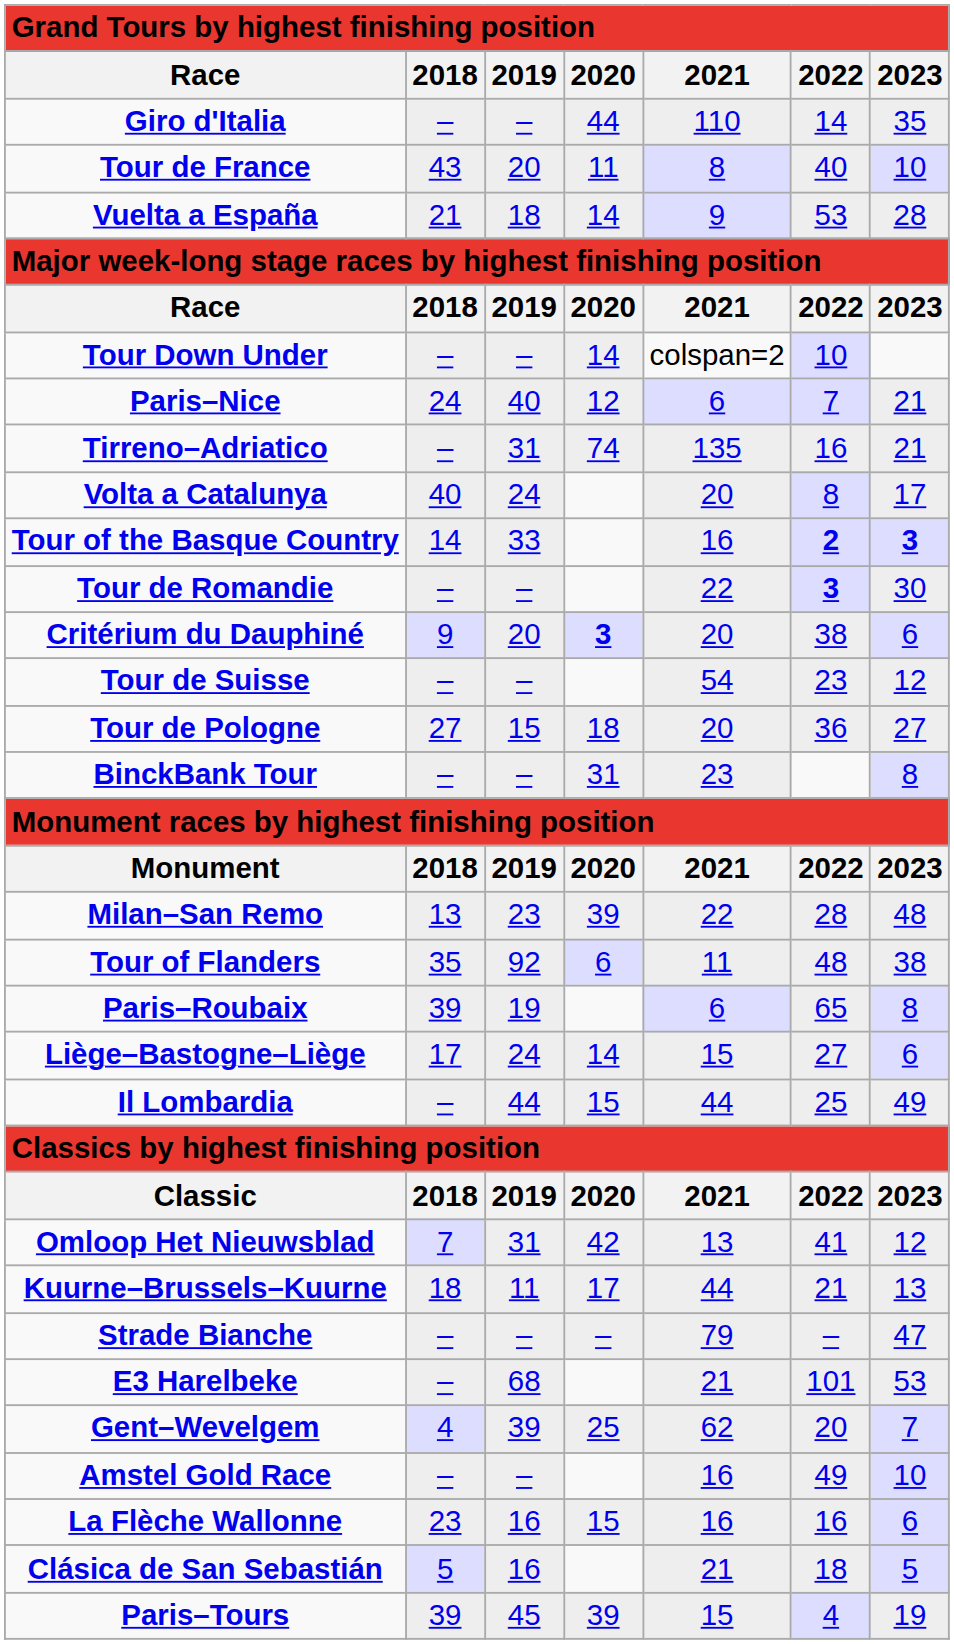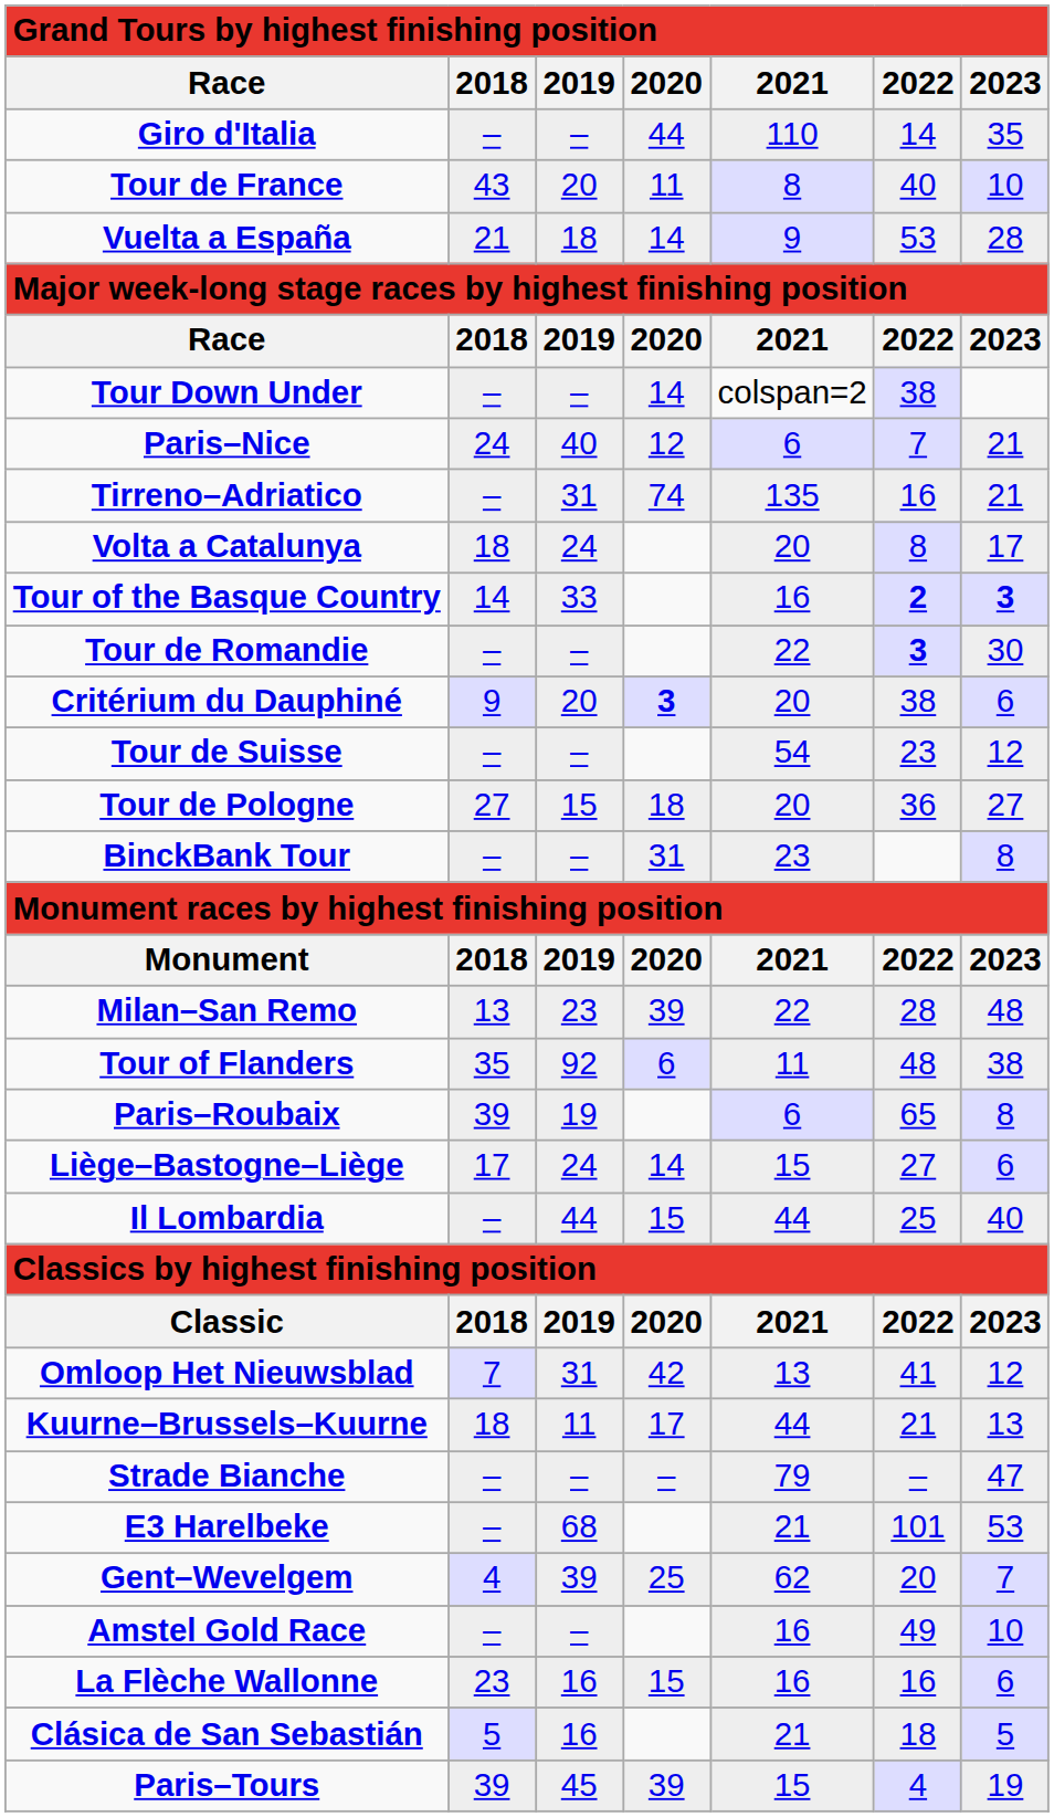 <table class="wikitable">
 <tr style="background:#eee;">
 <td style="background:#e9372f;" colspan=26><strong>Grand Tours by highest finishing position</strong></td>
 </tr>
 <tr>
 <th>Race</th>
 <th>2018</th>
 <th>2019</th>
 <th>2020</th>
 <th>2021</th>
 <th>2022</th>
 <th>2023</th>
 </tr>
 <tr align="center">
 <td><strong><a href='#'>Giro d'Italia</a></strong></td>
 <td style="background:#eee;"><a href='#'>–</a></td>
 <td style="background:#eee;"><a href='#'>–</a></td>
 <td style="background:#eee;"><a href='#'>44</a></td>
 <td style="background:#eee;"><a href='#'>110</a></td>
 <td style="background:#eee;"><a href='#'>14</a></td>
 <td style="background:#eee;"><a href='#'>35</a></td>
 </tr>
 <tr align="center">
 <td><strong><a href='#'>Tour de France</a></strong></td>
 <td style="background:#eee;"><a href='#'>43</a></td>
 <td style="background:#eee;"><a href='#'>20</a></td>
 <td style="background:#eee;"><a href='#'>11</a></td>
 <td style="background:#ddf;"><a href='#'>8</a></td>
 <td style="background:#eee;"><a href='#'>40</a></td>
 <td style="background:#ddf;"><a href='#'>10</a></td>
 </tr>
 <tr align="center">
 <td><strong><a href='#'>Vuelta a España</a></strong></td>
 <td style="background:#eee;"><a href='#'>21</a></td>
 <td style="background:#eee;"><a href='#'>18</a></td>
 <td style="background:#eee;"><a href='#'>14</a></td>
 <td style="background:#ddf;"><a href='#'>9</a></td>
 <td style="background:#eee;"><a href='#'>53</a></td>
 <td style="background:#eee;"><a href='#'>28</a></td>
 </tr>
 <tr>
 <td style="background:#e9372f;" colspan=26><strong>Major week-long stage races by highest finishing position</strong></td>
 </tr>
 <tr>
 <th>Race</th>
 <th>2018</th>
 <th>2019</th>
 <th>2020</th>
 <th>2021</th>
 <th>2022</th>
 <th>2023</th>
 </tr>
 <tr align="center">
 <td><strong><a href='#'>Tour Down Under</a></strong></td>
 <td style="background:#eee;"><a href='#'>–</a></td>
 <td style="background:#eee;"><a href='#'>–</a></td>
 <td style="background:#eee;"><a href='#'>14</a></td>
 <td>colspan=2  </td>
-<td style="background:#ddf;"><a href='#'>10</a></td>
+<td style="background:#ddf;"><a href='#'>38</a></td>
 </tr>
 <tr align="center">
 <td><strong><a href='#'>Paris–Nice</a></strong></td>
 <td style="background:#eee;"><a href='#'>24</a></td>
 <td style="background:#eee;"><a href='#'>40</a></td>
 <td style="background:#eee;"><a href='#'>12</a></td>
 <td style="background:#ddf;"><a href='#'>6</a></td>
 <td style="background:#ddf;"><a href='#'>7</a></td>
 <td style="background:#eee;"><a href='#'>21</a></td>
 </tr>
 <tr align="center">
 <td><strong><a href='#'>Tirreno–Adriatico</a></strong></td>
 <td style="background:#eee;"><a href='#'>–</a></td>
 <td style="background:#eee;"><a href='#'>31</a></td>
 <td style="background:#eee;"><a href='#'>74</a></td>
 <td style="background:#eee;"><a href='#'>135</a></td>
 <td style="background:#eee;"><a href='#'>16</a></td>
 <td style="background:#eee;"><a href='#'>21</a></td>
 </tr>
 <tr align="center">
 <td><strong><a href='#'>Volta a Catalunya</a></strong></td>
-<td style="background:#eee;"><a href='#'>40</a></td>
+<td style="background:#eee;"><a href='#'>18</a></td>
 <td style="background:#eee;"><a href='#'>24</a></td>
 <td></td>
 <td style="background:#eee;"><a href='#'>20</a></td>
 <td style="background:#ddf;"><a href='#'>8</a></td>
 <td style="background:#eee;"><a href='#'>17</a></td>
 </tr>
 <tr align="center">
 <td><strong><a href='#'>Tour of the Basque Country</a></strong></td>
 <td style="background:#eee;"><a href='#'>14</a></td>
 <td style="background:#eee;"><a href='#'>33</a></td>
 <td></td>
 <td style="background:#eee;"><a href='#'>16</a></td>
 <td style="background:#ddf;"><a href='#'><strong>2</strong></a></td>
 <td style="background:#ddf;"><a href='#'><strong>3</strong></a></td>
 </tr>
 <tr align="center">
 <td><strong><a href='#'>Tour de Romandie</a></strong></td>
 <td style="background:#eee;"><a href='#'>–</a></td>
 <td style="background:#eee;"><a href='#'>–</a></td>
 <td></td>
 <td style="background:#eee;"><a href='#'>22</a></td>
 <td style="background:#ddf;"><a href='#'><strong>3</strong></a></td>
 <td style="background:#eee;"><a href='#'>30</a></td>
 </tr>
 <tr align="center">
 <td><strong><a href='#'>Critérium du Dauphiné</a></strong></td>
 <td style="background:#ddf;"><a href='#'>9</a></td>
 <td style="background:#eee;"><a href='#'>20</a></td>
 <td style="background:#ddf;"><a href='#'><strong>3</strong></a></td>
 <td style="background:#eee;"><a href='#'>20</a></td>
 <td style="background:#eee;"><a href='#'>38</a></td>
 <td style="background:#ddf;"><a href='#'>6</a></td>
 </tr>
 <tr align="center">
 <td><strong><a href='#'>Tour de Suisse</a></strong></td>
 <td style="background:#eee;"><a href='#'>–</a></td>
 <td style="background:#eee;"><a href='#'>–</a></td>
 <td></td>
 <td style="background:#eee;"><a href='#'>54</a></td>
 <td style="background:#eee;"><a href='#'>23</a></td>
 <td style="background:#eee;"><a href='#'>12</a></td>
 </tr>
 <tr align="center">
 <td><strong><a href='#'>Tour de Pologne</a></strong></td>
 <td style="background:#eee;"><a href='#'>27</a></td>
 <td style="background:#eee;"><a href='#'>15</a></td>
 <td style="background:#eee;"><a href='#'>18</a></td>
 <td style="background:#eee;"><a href='#'>20</a></td>
 <td style="background:#eee;"><a href='#'>36</a></td>
 <td style="background:#eee;"><a href='#'>27</a></td>
 </tr>
 <tr align="center">
 <td><strong><a href='#'>BinckBank Tour</a></strong></td>
 <td style="background:#eee;"><a href='#'>–</a></td>
 <td style="background:#eee;"><a href='#'>–</a></td>
 <td style="background:#eee;"><a href='#'>31</a></td>
 <td style="background:#eee;"><a href='#'>23</a></td>
 <td></td>
 <td style="background:#ddf;"><a href='#'>8</a></td>
 </tr>
 <tr>
 <td style="background:#e9372f;" colspan=26><strong>Monument races by highest finishing position</strong></td>
 </tr>
 <tr>
 <th>Monument</th>
 <th>2018</th>
 <th>2019</th>
 <th>2020</th>
 <th>2021</th>
 <th>2022</th>
 <th>2023</th>
 </tr>
 <tr align="center">
 <td><strong><a href='#'>Milan–San Remo</a></strong></td>
 <td style="background:#eee;"><a href='#'>13</a></td>
 <td style="background:#eee;"><a href='#'>23</a></td>
 <td style="background:#eee;"><a href='#'>39</a></td>
 <td style="background:#eee;"><a href='#'>22</a></td>
 <td style="background:#eee;"><a href='#'>28</a></td>
 <td style="background:#eee;"><a href='#'>48</a></td>
 </tr>
 <tr align="center">
 <td><strong><a href='#'>Tour of Flanders</a></strong></td>
 <td style="background:#eee;"><a href='#'>35</a></td>
 <td style="background:#eee;"><a href='#'>92</a></td>
 <td style="background:#ddf;"><a href='#'>6</a></td>
 <td style="background:#eee;"><a href='#'>11</a></td>
 <td style="background:#eee;"><a href='#'>48</a></td>
 <td style="background:#eee;"><a href='#'>38</a></td>
 </tr>
 <tr align="center">
 <td><strong><a href='#'>Paris–Roubaix</a></strong></td>
 <td style="background:#eee;"><a href='#'>39</a></td>
 <td style="background:#eee;"><a href='#'>19</a></td>
 <td></td>
 <td style="background:#ddf;"><a href='#'>6</a></td>
 <td style="background:#eee;"><a href='#'>65</a></td>
 <td style="background:#ddf;"><a href='#'>8</a></td>
 </tr>
 <tr align="center">
 <td><strong><a href='#'>Liège–Bastogne–Liège</a></strong></td>
 <td style="background:#eee;"><a href='#'>17</a></td>
 <td style="background:#eee;"><a href='#'>24</a></td>
 <td style="background:#eee;"><a href='#'>14</a></td>
 <td style="background:#eee;"><a href='#'>15</a></td>
 <td style="background:#eee;"><a href='#'>27</a></td>
 <td style="background:#ddf;"><a href='#'>6</a></td>
 </tr>
 <tr align="center">
 <td><strong><a href='#'>Il Lombardia</a></strong></td>
 <td style="background:#eee;"><a href='#'>–</a></td>
 <td style="background:#eee;"><a href='#'>44</a></td>
 <td style="background:#eee;"><a href='#'>15</a></td>
 <td style="background:#eee;"><a href='#'>44</a></td>
 <td style="background:#eee;"><a href='#'>25</a></td>
-<td style="background:#eee;"><a href='#'>49</a></td>
+<td style="background:#eee;"><a href='#'>40</a></td>
 </tr>
 <tr>
 <td style="background:#e9372f;" colspan=26><strong>Classics by highest finishing position</strong></td>
 </tr>
 <tr>
 <th>Classic</th>
 <th>2018</th>
 <th>2019</th>
 <th>2020</th>
 <th>2021</th>
 <th>2022</th>
 <th>2023</th>
 </tr>
 <tr align="center">
 <td><strong><a href='#'>Omloop Het Nieuwsblad</a></strong></td>
 <td style="background:#ddf;"><a href='#'>7</a></td>
 <td style="background:#eee;"><a href='#'>31</a></td>
 <td style="background:#eee;"><a href='#'>42</a></td>
 <td style="background:#eee;"><a href='#'>13</a></td>
 <td style="background:#eee;"><a href='#'>41</a></td>
 <td style="background:#eee;"><a href='#'>12</a></td>
 </tr>
 <tr align="center">
 <td><strong><a href='#'>Kuurne–Brussels–Kuurne</a></strong></td>
 <td style="background:#eee;"><a href='#'>18</a></td>
 <td style="background:#eee;"><a href='#'>11</a></td>
 <td style="background:#eee;"><a href='#'>17</a></td>
 <td style="background:#eee;"><a href='#'>44</a></td>
 <td style="background:#eee;"><a href='#'>21</a></td>
 <td style="background:#eee;"><a href='#'>13</a></td>
 </tr>
 <tr align="center">
 <td><strong><a href='#'>Strade Bianche</a></strong></td>
 <td style="background:#eee;"><a href='#'>–</a></td>
 <td style="background:#eee;"><a href='#'>–</a></td>
 <td style="background:#eee;"><a href='#'>–</a></td>
 <td style="background:#eee;"><a href='#'>79</a></td>
 <td style="background:#eee;"><a href='#'>–</a></td>
 <td style="background:#eee;"><a href='#'>47</a></td>
 </tr>
 <tr align="center">
 <td><strong><a href='#'>E3 Harelbeke</a></strong></td>
 <td style="background:#eee;"><a href='#'>–</a></td>
 <td style="background:#eee;"><a href='#'>68</a></td>
 <td></td>
 <td style="background:#eee;"><a href='#'>21</a></td>
 <td style="background:#eee;"><a href='#'>101</a></td>
 <td style="background:#eee;"><a href='#'>53</a></td>
 </tr>
 <tr align="center">
 <td><strong><a href='#'>Gent–Wevelgem</a></strong></td>
 <td style="background:#ddf;"><a href='#'>4</a></td>
 <td style="background:#eee;"><a href='#'>39</a></td>
 <td style="background:#eee;"><a href='#'>25</a></td>
 <td style="background:#eee;"><a href='#'>62</a></td>
 <td style="background:#eee;"><a href='#'>20</a></td>
 <td style="background:#ddf;"><a href='#'>7</a></td>
 </tr>
 <tr align="center">
 <td><strong><a href='#'>Amstel Gold Race</a></strong></td>
 <td style="background:#eee;"><a href='#'>–</a></td>
 <td style="background:#eee;"><a href='#'>–</a></td>
 <td></td>
 <td style="background:#eee;"><a href='#'>16</a></td>
 <td style="background:#eee;"><a href='#'>49</a></td>
 <td style="background:#ddf;"><a href='#'>10</a></td>
 </tr>
 <tr align="center">
 <td><strong><a href='#'>La Flèche Wallonne</a></strong></td>
 <td style="background:#eee;"><a href='#'>23</a></td>
 <td style="background:#eee;"><a href='#'>16</a></td>
 <td style="background:#eee;"><a href='#'>15</a></td>
 <td style="background:#eee;"><a href='#'>16</a></td>
 <td style="background:#eee;"><a href='#'>16</a></td>
 <td style="background:#ddf;"><a href='#'>6</a></td>
 </tr>
 <tr align="center">
 <td><strong><a href='#'>Clásica de San Sebastián</a></strong></td>
 <td style="background:#ddf;"><a href='#'>5</a></td>
 <td style="background:#eee;"><a href='#'>16</a></td>
 <td></td>
 <td style="background:#eee;"><a href='#'>21</a></td>
 <td style="background:#eee;"><a href='#'>18</a></td>
 <td style="background:#ddf;"><a href='#'>5</a></td>
 </tr>
 <tr align="center">
 <td><strong><a href='#'>Paris–Tours</a></strong></td>
 <td style="background:#eee;"><a href='#'>39</a></td>
 <td style="background:#eee;"><a href='#'>45</a></td>
 <td style="background:#eee;"><a href='#'>39</a></td>
 <td style="background:#eee;"><a href='#'>15</a></td>
 <td style="background:#ddf;"><a href='#'>4</a></td>
 <td style="background:#eee;"><a href='#'>19</a></td>
 </tr>
 </table>
